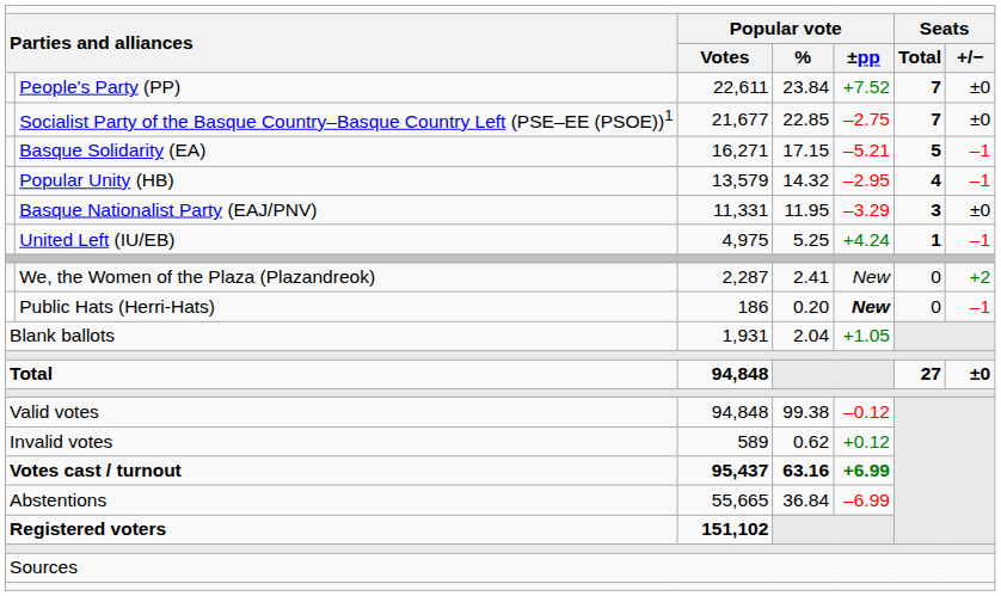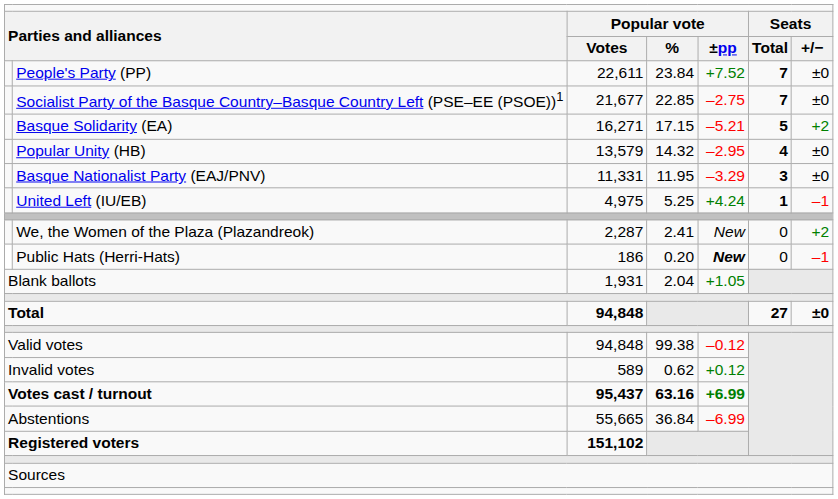 <table class="wikitable" style="text-align:right;">
 <tr>
 <td colspan="7"></td>
 </tr>
 <tr>
 <th style="text-align:left;" rowspan="2" colspan="2" width="525">Parties and alliances</th>
 <th colspan="3">Popular vote</th>
 <th colspan="2">Seats</th>
 </tr>
 <tr>
 <th width="75">Votes</th>
 <th width="45">%</th>
 <th width="45">±<a href='#'>pp</a></th>
 <th width="35">Total</th>
 <th width="35">+/−</th>
 </tr>
 <tr>
 <td width="1" style="color:inherit;background:"></td>
 <td align="left"><a href='#'>People's Party</a> (PP)</td>
 <td>22,611</td>
 <td>23.84</td>
 <td style="color:green;">+7.52</td>
 <td><strong>7</strong></td>
 <td>±0</td>
 </tr>
 <tr>
 <td style="color:inherit;background:"></td>
 <td align="left"><a href='#'>Socialist Party of the Basque Country–Basque Country Left</a> (PSE–EE (PSOE))<sup>1</sup></td>
 <td>21,677</td>
 <td>22.85</td>
 <td style="color:red;">–2.75</td>
 <td><strong>7</strong></td>
 <td>±0</td>
 </tr>
 <tr>
 <td style="color:inherit;background:"></td>
 <td align="left"><a href='#'>Basque Solidarity</a> (EA)</td>
 <td>16,271</td>
 <td>17.15</td>
 <td style="color:red;">–5.21</td>
 <td><strong>5</strong></td>
-<td style="color:red;">–1</td>
+<td style="color:green;">+2</td>
 </tr>
 <tr>
 <td style="color:inherit;background:"></td>
 <td align="left"><a href='#'>Popular Unity</a> (HB)</td>
 <td>13,579</td>
 <td>14.32</td>
 <td style="color:red;">–2.95</td>
 <td><strong>4</strong></td>
-<td style="color:red;">–1</td>
+<td>±0</td>
 </tr>
 <tr>
 <td style="color:inherit;background:"></td>
 <td align="left"><a href='#'>Basque Nationalist Party</a> (EAJ/PNV)</td>
 <td>11,331</td>
 <td>11.95</td>
 <td style="color:red;">–3.29</td>
 <td><strong>3</strong></td>
 <td>±0</td>
 </tr>
 <tr>
 <td style="color:inherit;background:"></td>
 <td align="left"><a href='#'>United Left</a> (IU/EB)</td>
 <td>4,975</td>
 <td>5.25</td>
 <td style="color:green;">+4.24</td>
 <td><strong>1</strong></td>
 <td style="color:red;">–1</td>
 </tr>
 <tr>
 <td colspan="7" bgcolor="#C0C0C0"></td>
 </tr>
 <tr>
 <td style="color:inherit;background:"></td>
 <td align="left">We, the Women of the Plaza (Plazandreok)</td>
 <td>2,287</td>
 <td>2.41</td>
 <td><em>New</em></td>
 <td>0</td>
 <td style="color:green;">+2</td>
 </tr>
 <tr>
 <td bgcolor="white"></td>
 <td align="left">Public Hats (Herri-Hats)</td>
 <td>186</td>
 <td>0.20</td>
 <td><strong><em>New</em></strong></td>
 <td>0</td>
 <td style="color:red;">–1</td>
 </tr>
 <tr>
 <td align="left" colspan="2">Blank ballots</td>
 <td>1,931</td>
 <td>2.04</td>
 <td style="color:green;">+1.05</td>
 <td bgcolor="#E9E9E9" colspan="2"></td>
 </tr>
 <tr>
 <td colspan="7" bgcolor="#E9E9E9"></td>
 </tr>
 <tr style="font-weight:bold;">
 <td align="left" colspan="2">Total</td>
 <td>94,848</td>
 <td bgcolor="#E9E9E9" colspan="2"></td>
 <td>27</td>
 <td>±0</td>
 </tr>
 <tr>
 <td colspan="7" bgcolor="#E9E9E9"></td>
 </tr>
 <tr>
 <td align="left" colspan="2">Valid votes</td>
 <td>94,848</td>
 <td>99.38</td>
 <td style="color:red;">–0.12</td>
 <td bgcolor="#E9E9E9" colspan="2" rowspan="5"></td>
 </tr>
 <tr>
 <td align="left" colspan="2">Invalid votes</td>
 <td>589</td>
 <td>0.62</td>
 <td style="color:green;">+0.12</td>
 </tr>
 <tr style="font-weight:bold;">
 <td align="left" colspan="2">Votes cast / turnout</td>
 <td>95,437</td>
 <td>63.16</td>
 <td style="color:green;">+6.99</td>
 </tr>
 <tr>
 <td align="left" colspan="2">Abstentions</td>
 <td>55,665</td>
 <td>36.84</td>
 <td style="color:red;">–6.99</td>
 </tr>
 <tr style="font-weight:bold;">
 <td align="left" colspan="2">Registered voters</td>
 <td>151,102</td>
 <td bgcolor="#E9E9E9" colspan="2"></td>
 </tr>
 <tr>
 <td colspan="7" bgcolor="#E9E9E9"></td>
 </tr>
 <tr>
 <td align="left" colspan="7">Sources</td>
 </tr>
 <tr>
 <td colspan="7" style="text-align:left; max-width:790px;"></td>
 </tr>
 </table>
